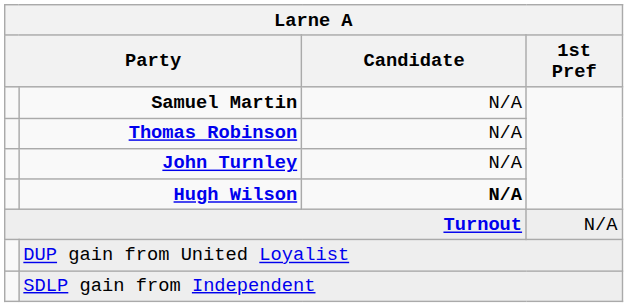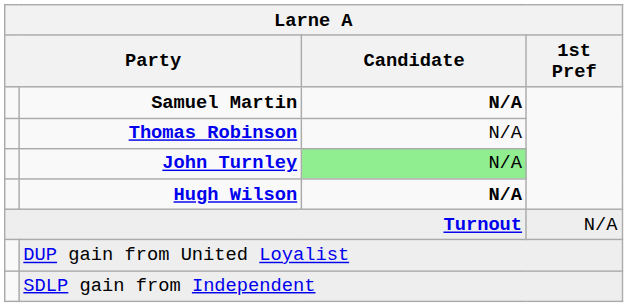 <table class="wikitable">
 <tr>
 <th colspan="4" align="center">Larne A</th>
 </tr>
 <tr>
 <th colspan="2" align="center" width=200>Party</th>
 <th width=150>Candidate</th>
 <th width=60>1st Pref</th>
 </tr>
 <tr>
 <td></td>
 <td align="right"><strong>Samuel Martin</strong></td>
-<td align="right">N/A</td>
+<td align="right"><strong>N/A</strong></td>
 </tr>
 <tr>
 <td></td>
 <td align="right"><strong><a href='#'>Thomas Robinson</a></strong></td>
 <td align="right">N/A</td>
 </tr>
 <tr>
 <td></td>
 <td align="right"><strong><a href='#'>John Turnley</a></strong></td>
-<td align="right">N/A</td>
+<td align="right" style="background: lightgreen;">N/A</td>
 </tr>
 <tr>
 <td></td>
 <td align="right"><strong><a href='#'>Hugh Wilson</a></strong></td>
 <td align="right"><strong>N/A</strong></td>
 </tr>
 <tr bgcolor="EEEEEE">
 <td colspan=3 align="right"><strong><a href='#'>Turnout</a></strong></td>
 <td align="right">N/A</td>
 </tr>
 <tr>
 <td bgcolor=></td>
 <td colspan=3 bgcolor="EEEEEE"><a href='#'>DUP</a> gain from United <a href='#'>Loyalist</a></td>
 </tr>
 <tr>
 <td bgcolor=></td>
 <td colspan=3 bgcolor="EEEEEE"><a href='#'>SDLP</a> gain from <a href='#'>Independent</a></td>
 </tr>
 </table>
